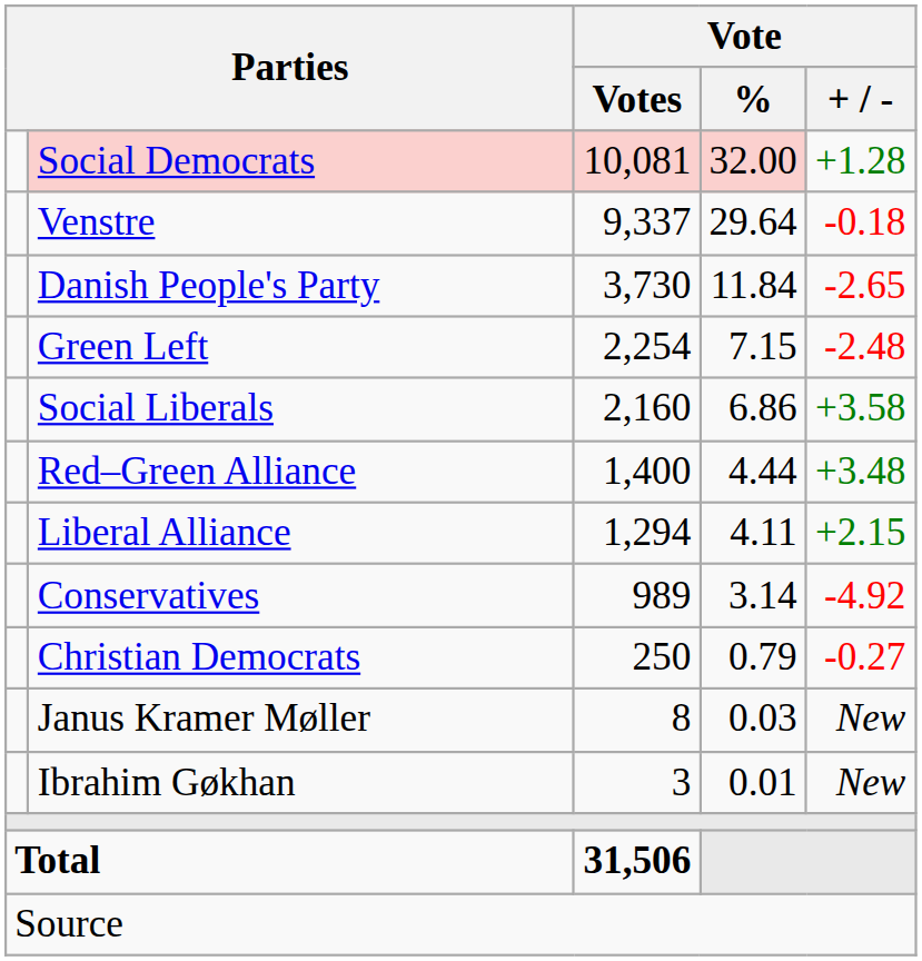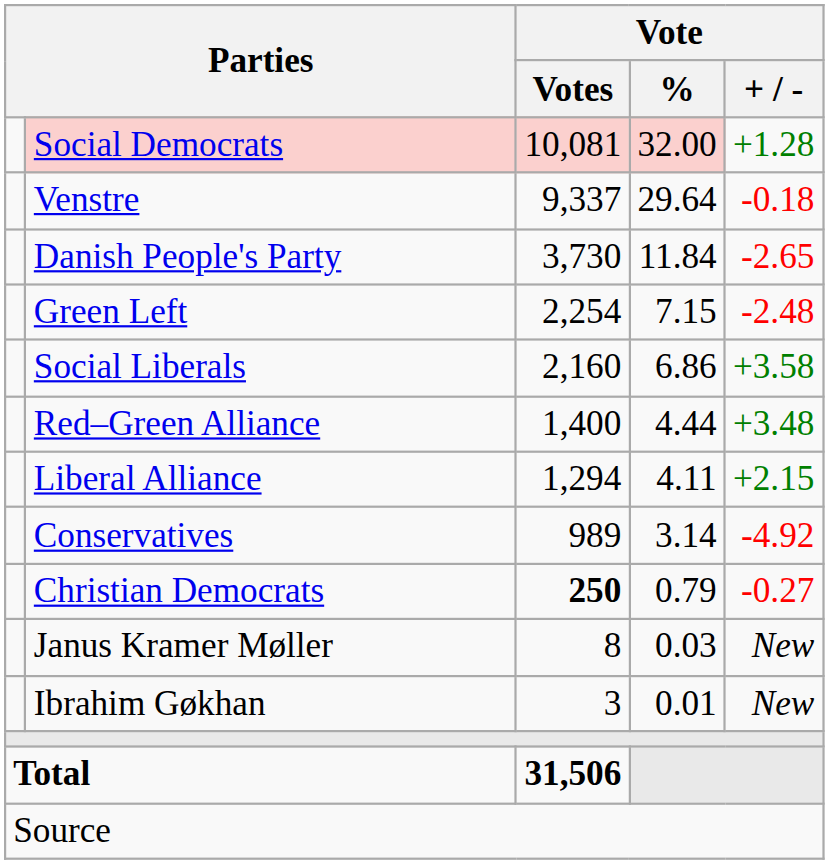 <table class="wikitable" style="text-align:right;">
 <tr>
 <th style="text-align:centre;" rowspan="2" colspan="2" width="225">Parties</th>
 <th colspan="3">Vote</th>
 </tr>
 <tr>
 <th width="15">Votes</th>
 <th width="15">%</th>
 <th width="15">+ / -</th>
 </tr>
 <tr>
 <td width="2" style="color:inherit;background:"></td>
 <td bgcolor=#fbd0ce  align="left"><a href='#'>Social Democrats</a></td>
 <td bgcolor=#fbd0ce>10,081</td>
 <td bgcolor=#fbd0ce>32.00</td>
 <td style=color:green;>+1.28</td>
 </tr>
 <tr>
 <td width="2" style="color:inherit;background:"></td>
 <td align="left"><a href='#'>Venstre</a></td>
 <td>9,337</td>
 <td>29.64</td>
 <td style=color:red;>-0.18</td>
 </tr>
 <tr>
 <td width="2" style="color:inherit;background:"></td>
 <td align="left"><a href='#'>Danish People's Party</a></td>
 <td>3,730</td>
 <td>11.84</td>
 <td style=color:red;>-2.65</td>
 </tr>
 <tr>
 <td width="2" style="color:inherit;background:"></td>
 <td align="left"><a href='#'>Green Left</a></td>
 <td>2,254</td>
 <td>7.15</td>
 <td style=color:red;>-2.48</td>
 </tr>
 <tr>
 <td width="2" style="color:inherit;background:"></td>
 <td align="left"><a href='#'>Social Liberals</a></td>
 <td>2,160</td>
 <td>6.86</td>
 <td style=color:green;>+3.58</td>
 </tr>
 <tr>
 <td width="2" style="color:inherit;background:"></td>
 <td align="left"><a href='#'>Red–Green Alliance</a></td>
 <td>1,400</td>
 <td>4.44</td>
 <td style=color:green;>+3.48</td>
 </tr>
 <tr>
 <td width="2" style="color:inherit;background:"></td>
 <td align="left"><a href='#'>Liberal Alliance</a></td>
 <td>1,294</td>
 <td>4.11</td>
 <td style=color:green;>+2.15</td>
 </tr>
 <tr>
 <td width="2" style="color:inherit;background:"></td>
 <td align="left"><a href='#'>Conservatives</a></td>
 <td>989</td>
 <td>3.14</td>
 <td style=color:red;>-4.92</td>
 </tr>
 <tr>
 <td width="2" style="color:inherit;background:"></td>
 <td align="left"><a href='#'>Christian Democrats</a></td>
-<td>250</td>
+<td><strong>250</strong></td>
 <td>0.79</td>
 <td style=color:red;>-0.27</td>
 </tr>
 <tr>
 <td width="2" style="color:inherit;background:"></td>
 <td align="left">Janus Kramer Møller</td>
 <td>8</td>
 <td>0.03</td>
 <td><em>New</em></td>
 </tr>
 <tr>
 <td width="2" style="color:inherit;background:"></td>
 <td align="left">Ibrahim Gøkhan</td>
 <td>3</td>
 <td>0.01</td>
 <td><em>New</em></td>
 </tr>
 <tr>
 <td colspan="7" bgcolor="#E9E9E9"></td>
 </tr>
 <tr>
 <td align="left" colspan="2"><strong>Total</strong></td>
 <td><strong>31,506</strong></td>
 <td bgcolor="#E9E9E9" colspan="2"></td>
 </tr>
 <tr>
 <td align="left" colspan="6">Source</td>
 </tr>
 </table>
